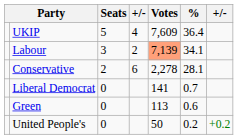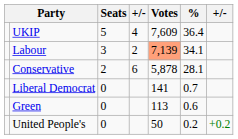 <table class="wikitable">
 <tr>
 <th colspan="2">Party</th>
 <th>Seats</th>
 <th>+/-</th>
 <th>Votes</th>
 <th>%</th>
 <th>+/-</th>
 </tr>
 <tr>
 <td style="background-color:"></td>
 <td><a href='#'>UKIP</a></td>
 <td>5</td>
 <td> 4</td>
 <td>7,609</td>
 <td>36.4</td>
 <td style="color:green"></td>
 </tr>
 <tr>
 <td style="background-color: "></td>
 <td><a href='#'>Labour</a></td>
 <td>3</td>
 <td> 2</td>
 <td style="background: lightsalmon;">7,139</td>
 <td>34.1</td>
 <td style="color:green"></td>
 </tr>
 <tr>
 <td style="background-color: "></td>
 <td><a href='#'>Conservative</a></td>
 <td>2</td>
 <td> 6</td>
-<td>2,278</td>
+<td>5,878</td>
 <td>28.1</td>
 <td style="color:red"></td>
 </tr>
 <tr>
 <td style="background-color: "></td>
 <td><a href='#'>Liberal Democrat</a></td>
 <td>0</td>
 <td></td>
 <td>141</td>
 <td>0.7</td>
 <td style="color:green"></td>
 </tr>
 <tr>
 <td style="background-color: "></td>
 <td><a href='#'>Green</a></td>
 <td>0</td>
 <td></td>
 <td>113</td>
 <td>0.6</td>
 <td style="color:green"></td>
 </tr>
 <tr>
 <td></td>
 <td>United People's</td>
 <td>0</td>
 <td></td>
 <td>50</td>
 <td>0.2</td>
 <td style="color:green">+0.2</td>
 </tr>
 </table>
